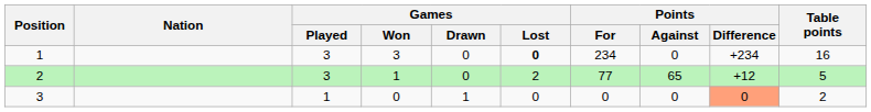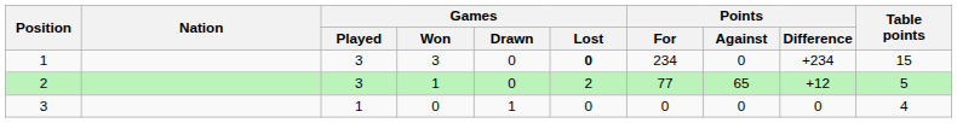 <table class="wikitable" style="text-align: center;">
 <tr>
 <th rowspan=2 width="8%">Position</th>
 <th rowspan=2 width="25%">Nation</th>
 <th colspan=4 width="32%">Games</th>
 <th colspan=3 width="24%">Points</th>
 <th rowspan=2 width="10%">Table<br>points</th>
 </tr>
 <tr>
 <th width="8%">Played</th>
 <th width="8%">Won</th>
 <th width="8%">Drawn</th>
 <th width="8%">Lost</th>
 <th width="8%">For</th>
 <th width="8%">Against</th>
 <th width="8%">Difference</th>
 </tr>
 <tr>
 <td>1</td>
 <td align=left></td>
 <td>3</td>
 <td>3</td>
 <td>0</td>
 <td><strong>0</strong></td>
 <td>234</td>
 <td>0</td>
 <td>+234</td>
-<td>16</td>
+<td>15</td>
 </tr>
 <tr style=background:#bbf3bb>
 <td>2</td>
 <td align=left></td>
 <td>3</td>
 <td>1</td>
 <td>0</td>
 <td>2</td>
 <td>77</td>
 <td>65</td>
 <td>+12</td>
 <td>5</td>
 </tr>
 <tr>
 <td>3</td>
 <td align=left></td>
 <td>1</td>
 <td>0</td>
 <td>1</td>
 <td>0</td>
 <td>0</td>
 <td>0</td>
-<td style="background: lightsalmon;">0</td>
-<td>2</td>
+<td>0</td>
+<td>4</td>
 </tr>
 </table>
